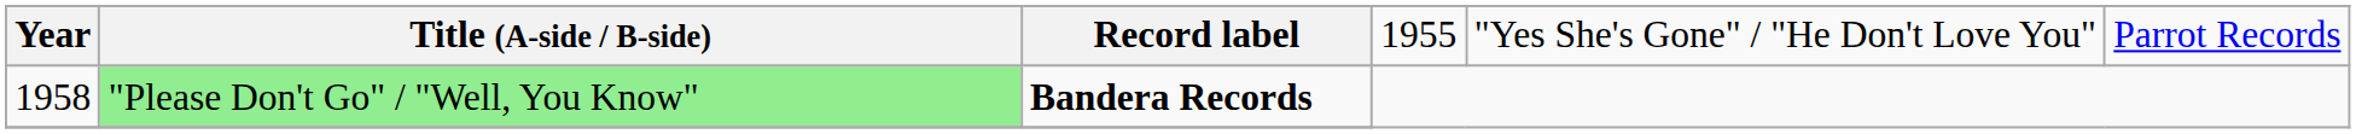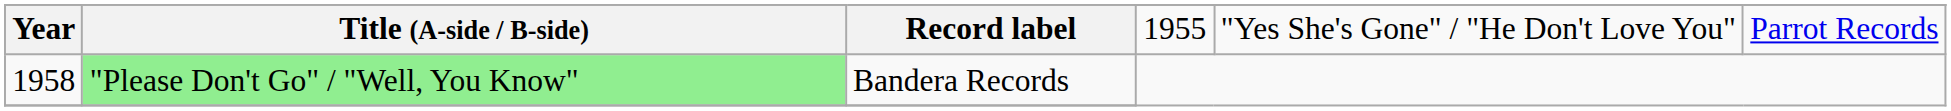 <table class="wikitable sortable">
 <tr>
 <th width="30" rowspan="2">Year</th>
 <th width="380" rowspan="2">Title <small>(A-side / B-side)</small></th>
 <th width="140" rowspan="2">Record label</th>
 </tr>
 <tr>
 <td>1955</td>
 <td>"Yes She's Gone" / "He Don't Love You"</td>
 <td><a href='#'>Parrot Records</a></td>
 </tr>
 <tr>
 <td>1958</td>
 <td style="background: lightgreen;">"Please Don't Go" / "Well, You Know"</td>
-<td><strong>Bandera Records</strong></td>
+<td>Bandera Records</td>
 </tr>
 <tr>
 </tr>
 </table>
